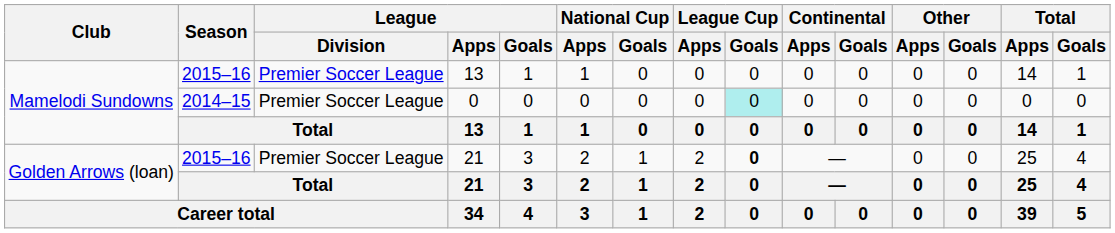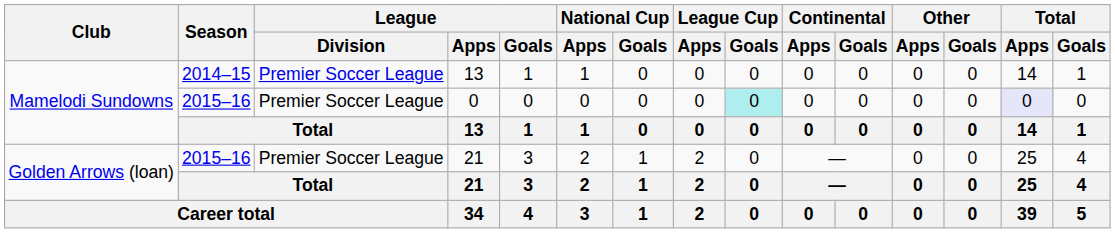 <table class="wikitable" style="text-align:center">
 <tr>
 <th rowspan="2">Club</th>
 <th rowspan="2">Season</th>
 <th colspan="3">League</th>
 <th colspan="2">National Cup</th>
 <th colspan="2">League Cup</th>
 <th colspan="2">Continental</th>
 <th colspan="2">Other</th>
 <th colspan="2">Total</th>
 </tr>
 <tr>
 <th>Division</th>
 <th>Apps</th>
 <th>Goals</th>
 <th>Apps</th>
 <th>Goals</th>
 <th>Apps</th>
 <th>Goals</th>
 <th>Apps</th>
 <th>Goals</th>
 <th>Apps</th>
 <th>Goals</th>
 <th>Apps</th>
 <th>Goals</th>
 </tr>
 <tr>
 <td rowspan="3"><a href='#'>Mamelodi Sundowns</a></td>
-<td><a href='#'>2015–16</a></td>
+<td><a href='#'>2014–15</a></td>
 <td><a href='#'>Premier Soccer League</a></td>
 <td>13</td>
 <td>1</td>
 <td>1</td>
 <td>0</td>
 <td>0</td>
 <td>0</td>
 <td>0</td>
 <td>0</td>
 <td>0</td>
 <td>0</td>
 <td>14</td>
 <td>1</td>
 </tr>
 <tr>
-<td><a href='#'>2014–15</a></td>
+<td><a href='#'>2015–16</a></td>
 <td>Premier Soccer League</td>
 <td>0</td>
 <td>0</td>
 <td>0</td>
 <td>0</td>
 <td>0</td>
 <td style="background: paleturquoise;">0</td>
 <td>0</td>
 <td>0</td>
 <td>0</td>
 <td>0</td>
-<td>0</td>
+<td style="background: lavender;">0</td>
 <td>0</td>
 </tr>
 <tr>
 <th colspan="2">Total</th>
 <th>13</th>
 <th>1</th>
 <th>1</th>
 <th>0</th>
 <th>0</th>
 <th>0</th>
 <th>0</th>
 <th>0</th>
 <th>0</th>
 <th>0</th>
 <th>14</th>
 <th>1</th>
 </tr>
 <tr>
 <td rowspan="2"><a href='#'>Golden Arrows</a> (loan)</td>
 <td><a href='#'>2015–16</a></td>
 <td>Premier Soccer League</td>
 <td>21</td>
 <td>3</td>
 <td>2</td>
 <td>1</td>
 <td>2</td>
-<td><strong>0</strong></td>
+<td>0</td>
 <td colspan="2">—</td>
 <td>0</td>
 <td>0</td>
 <td>25</td>
 <td>4</td>
 </tr>
 <tr>
 <th colspan="2">Total</th>
 <th>21</th>
 <th>3</th>
 <th>2</th>
 <th>1</th>
 <th>2</th>
 <th>0</th>
 <th colspan="2">—</th>
 <th>0</th>
 <th>0</th>
 <th>25</th>
 <th>4</th>
 </tr>
 <tr>
 <th colspan="3">Career total</th>
 <th>34</th>
 <th>4</th>
 <th>3</th>
 <th>1</th>
 <th>2</th>
 <th>0</th>
 <th>0</th>
 <th>0</th>
 <th>0</th>
 <th>0</th>
 <th>39</th>
 <th>5</th>
 </tr>
 </table>
